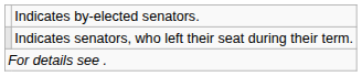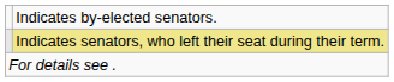 <table class="wikitable" style="font-size: 95%;">
 <tr>
 <td></td>
 <td>Indicates by-elected senators.</td>
 </tr>
 <tr>
 <td style="background: #E6E6E6;"></td>
-<td>Indicates senators, who left their seat during their term.</td>
+<td style="background: khaki;">Indicates senators, who left their seat during their term.</td>
 </tr>
 <tr>
 <td colspan="2"><em>For details see .</em></td>
 </tr>
 </table>
